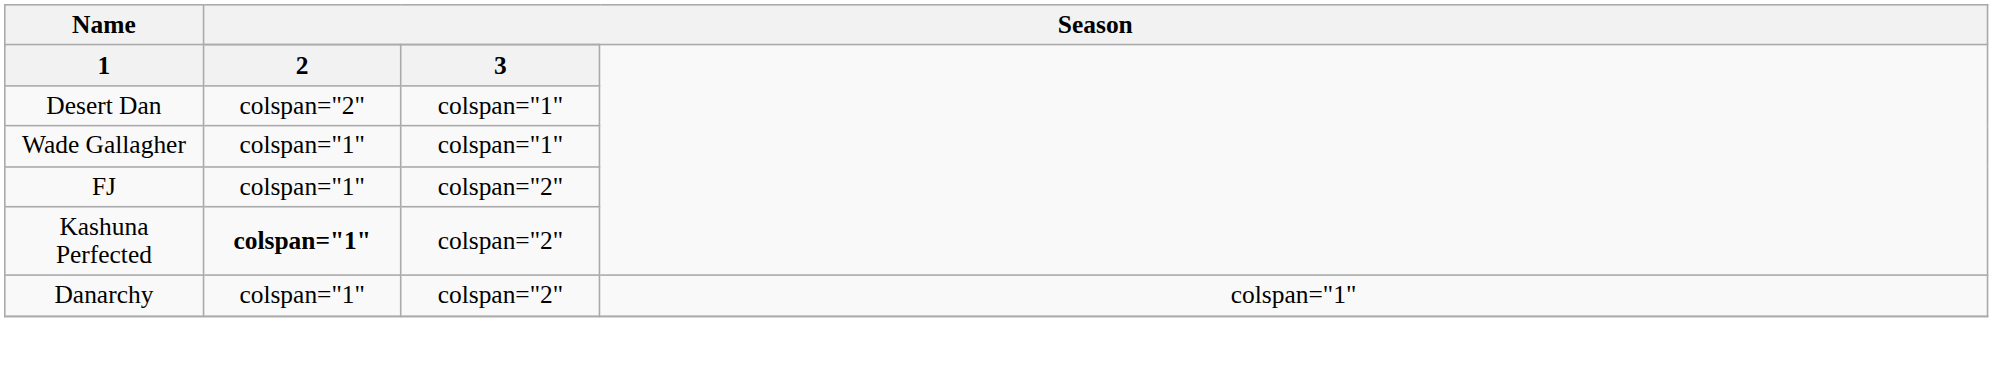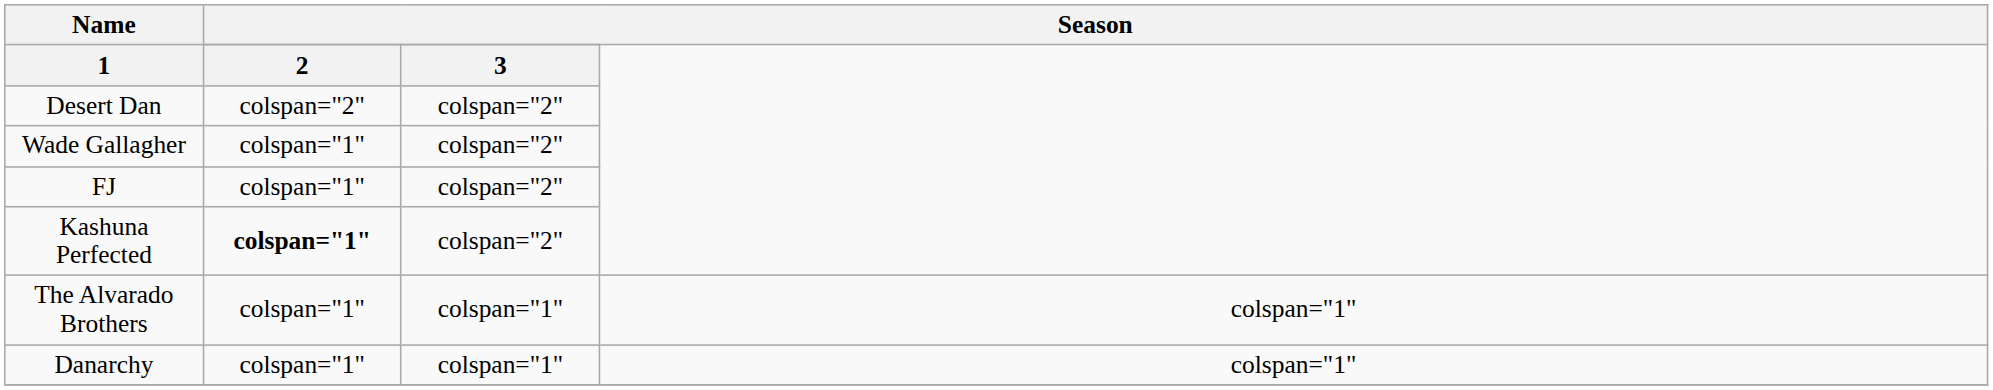 <table class="wikitable plainrowheaders" style="text-align:center">
 <tr>
 <th rowspan="2" width="10%" scope="col">Name</th>
 <th colspan="3" width="20%">Season</th>
 </tr>
 <tr>
 </tr>
 <tr>
 <th width="10%" scope="col">1</th>
 <th width="10%" scope="col">2</th>
 <th width="10%" scope="col">3</th>
 </tr>
 <tr>
 <td>Desert Dan</td>
 <td>colspan="2" </td>
-<td>colspan="1" </td>
+<td>colspan="2" </td>
 </tr>
 <tr>
 <td>Wade Gallagher</td>
 <td>colspan="1" </td>
-<td>colspan="1" </td>
+<td>colspan="2" </td>
 </tr>
 <tr>
 <td>FJ</td>
 <td>colspan="1" </td>
 <td>colspan="2" </td>
 </tr>
 <tr>
 <td>Kashuna Perfected</td>
 <td><strong>colspan="1" </strong></td>
 <td>colspan="2" </td>
 </tr>
 <tr>
+<td>The Alvarado Brothers</td>
+<td>colspan="1" </td>
+<td>colspan="1" </td>
+<td>colspan="1" </td>
+</tr>
+<tr>
 <td>Danarchy</td>
 <td>colspan="1" </td>
-<td>colspan="2" </td>
+<td>colspan="1" </td>
 <td>colspan="1" </td>
 </tr>
 <tr>
 </tr>
 </table>
